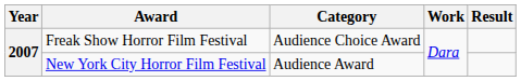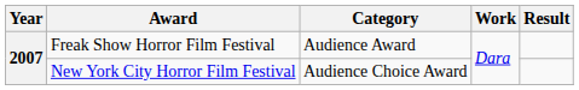 <table class="wikitable sortable">
 <tr>
 <th>Year</th>
 <th>Award</th>
 <th>Category</th>
 <th>Work</th>
 <th>Result</th>
 </tr>
 <tr>
 <th rowspan="2">2007</th>
 <td>Freak Show Horror Film Festival</td>
-<td>Audience Choice Award</td>
+<td>Audience Award</td>
 <td rowspan="2"><em><a href='#'>Dara</a></em></td>
 <td></td>
 </tr>
 <tr>
 <td><a href='#'>New York City Horror Film Festival</a></td>
-<td>Audience Award</td>
+<td>Audience Choice Award</td>
 <td></td>
 </tr>
 </table>
